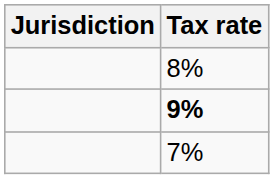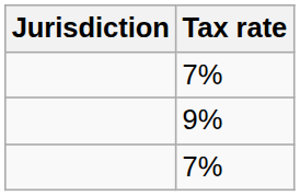 <table class="wikitable sortable nowrap" style=line-height:1.2>
 <tr>
 <th>Jurisdiction</th>
 <th>Tax rate</th>
 </tr>
 <tr>
 <td></td>
-<td>8%</td>
+<td>7%</td>
 </tr>
 <tr>
 <td></td>
-<td><strong>9%</strong></td>
+<td>9%</td>
 </tr>
 <tr>
 <td></td>
 <td>7%</td>
 </tr>
 </table>
